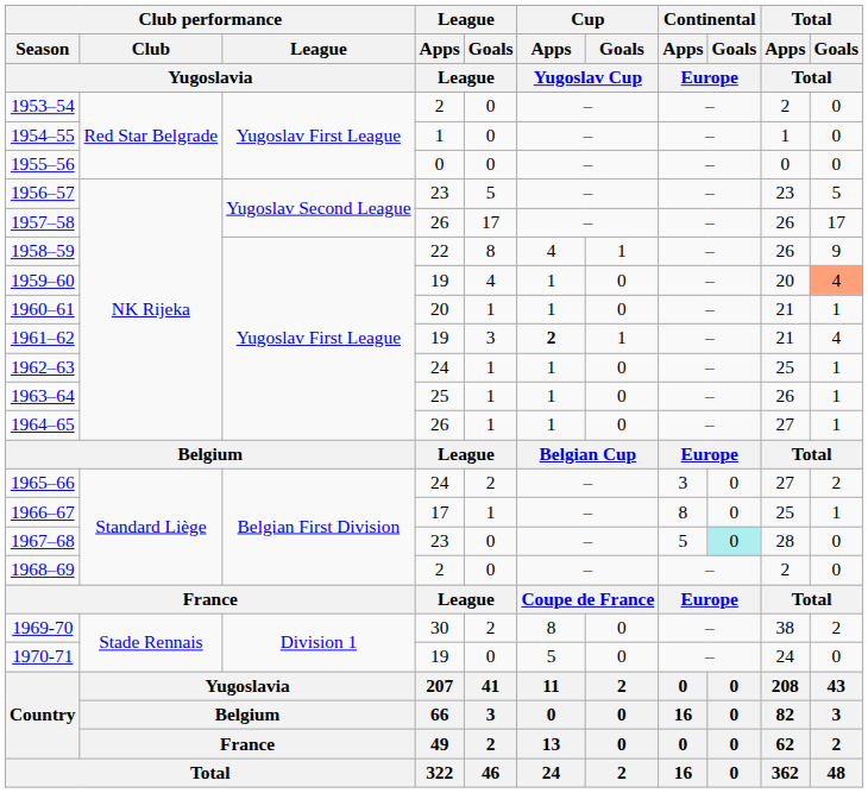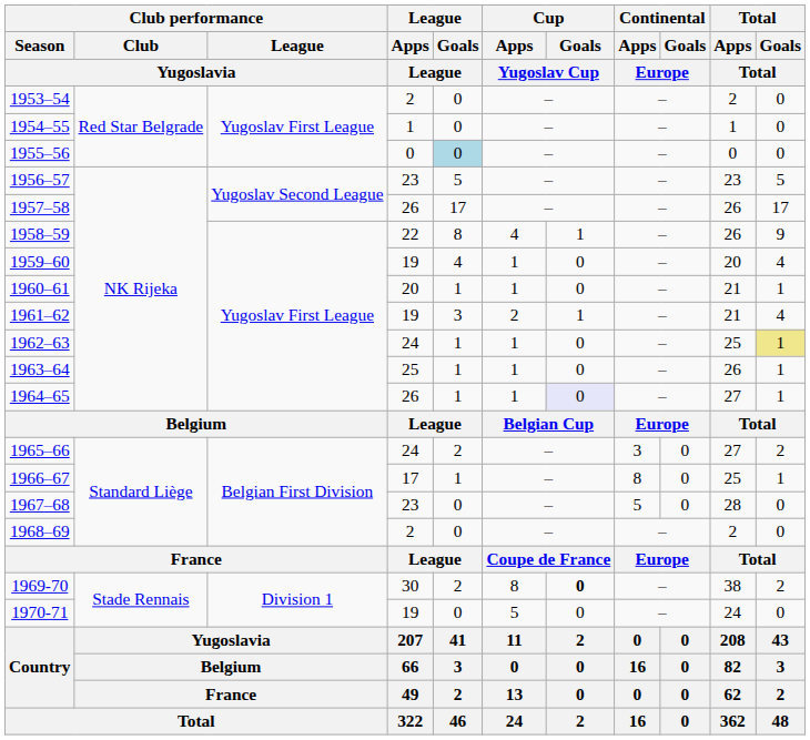 <table class="wikitable" style="text-align:center">
 <tr>
 <th colspan=3>Club performance</th>
 <th colspan=2>League</th>
 <th colspan=2>Cup</th>
 <th colspan=2>Continental</th>
 <th colspan=2>Total</th>
 </tr>
 <tr>
 <th>Season</th>
 <th>Club</th>
 <th>League</th>
 <th>Apps</th>
 <th>Goals</th>
 <th>Apps</th>
 <th>Goals</th>
 <th>Apps</th>
 <th>Goals</th>
 <th>Apps</th>
 <th>Goals</th>
 </tr>
 <tr>
 <th colspan=3>Yugoslavia</th>
 <th colspan=2>League</th>
 <th colspan=2><a href='#'>Yugoslav Cup</a></th>
 <th colspan=2><a href='#'>Europe</a></th>
 <th colspan=2>Total</th>
 </tr>
 <tr>
 <td><a href='#'>1953–54</a></td>
 <td rowspan="3"><a href='#'>Red Star Belgrade</a></td>
 <td rowspan="3"><a href='#'>Yugoslav First League</a></td>
 <td>2</td>
 <td>0</td>
 <td colspan="2">–</td>
 <td colspan="2">–</td>
 <td>2</td>
 <td>0</td>
 </tr>
 <tr>
 <td><a href='#'>1954–55</a></td>
 <td>1</td>
 <td>0</td>
 <td colspan="2">–</td>
 <td colspan="2">–</td>
 <td>1</td>
 <td>0</td>
 </tr>
 <tr>
 <td><a href='#'>1955–56</a></td>
 <td>0</td>
-<td>0</td>
+<td style="background: lightblue;">0</td>
 <td colspan="2">–</td>
 <td colspan="2">–</td>
 <td>0</td>
 <td>0</td>
 </tr>
 <tr>
 <td><a href='#'>1956–57</a></td>
 <td rowspan="9"><a href='#'>NK Rijeka</a></td>
 <td rowspan="2"><a href='#'>Yugoslav Second League</a></td>
 <td>23</td>
 <td>5</td>
 <td colspan="2">–</td>
 <td colspan="2">–</td>
 <td>23</td>
 <td>5</td>
 </tr>
 <tr>
 <td><a href='#'>1957–58</a></td>
 <td>26</td>
 <td>17</td>
 <td colspan="2">–</td>
 <td colspan="2">–</td>
 <td>26</td>
 <td>17</td>
 </tr>
 <tr>
 <td><a href='#'>1958–59</a></td>
 <td rowspan="7"><a href='#'>Yugoslav First League</a></td>
 <td>22</td>
 <td>8</td>
 <td>4</td>
 <td>1</td>
 <td colspan="2">–</td>
 <td>26</td>
 <td>9</td>
 </tr>
 <tr>
 <td><a href='#'>1959–60</a></td>
 <td>19</td>
 <td>4</td>
 <td>1</td>
 <td>0</td>
 <td colspan="2">–</td>
 <td>20</td>
-<td style="background: lightsalmon;">4</td>
+<td>4</td>
 </tr>
 <tr>
 <td><a href='#'>1960–61</a></td>
 <td>20</td>
 <td>1</td>
 <td>1</td>
 <td>0</td>
 <td colspan="2">–</td>
 <td>21</td>
 <td>1</td>
 </tr>
 <tr>
 <td><a href='#'>1961–62</a></td>
 <td>19</td>
 <td>3</td>
-<td><strong>2</strong></td>
+<td>2</td>
 <td>1</td>
 <td colspan="2">–</td>
 <td>21</td>
 <td>4</td>
 </tr>
 <tr>
 <td><a href='#'>1962–63</a></td>
 <td>24</td>
 <td>1</td>
 <td>1</td>
 <td>0</td>
 <td colspan="2">–</td>
 <td>25</td>
-<td>1</td>
+<td style="background: khaki;">1</td>
 </tr>
 <tr>
 <td><a href='#'>1963–64</a></td>
 <td>25</td>
 <td>1</td>
 <td>1</td>
 <td>0</td>
 <td colspan="2">–</td>
 <td>26</td>
 <td>1</td>
 </tr>
 <tr>
 <td><a href='#'>1964–65</a></td>
 <td>26</td>
 <td>1</td>
 <td>1</td>
-<td>0</td>
+<td style="background: lavender;">0</td>
 <td colspan="2">–</td>
 <td>27</td>
 <td>1</td>
 </tr>
 <tr>
 <th colspan=3>Belgium</th>
 <th colspan=2>League</th>
 <th colspan=2><a href='#'>Belgian Cup</a></th>
 <th colspan=2><a href='#'>Europe</a></th>
 <th colspan=2>Total</th>
 </tr>
 <tr>
 <td><a href='#'>1965–66</a></td>
 <td rowspan="4"><a href='#'>Standard Liège</a></td>
 <td rowspan="4"><a href='#'>Belgian First Division</a></td>
 <td>24</td>
 <td>2</td>
 <td colspan="2">–</td>
 <td>3</td>
 <td>0</td>
 <td>27</td>
 <td>2</td>
 </tr>
 <tr>
 <td><a href='#'>1966–67</a></td>
 <td>17</td>
 <td>1</td>
 <td colspan="2">–</td>
 <td>8</td>
 <td>0</td>
 <td>25</td>
 <td>1</td>
 </tr>
 <tr>
 <td><a href='#'>1967–68</a></td>
 <td>23</td>
 <td>0</td>
 <td colspan="2">–</td>
 <td>5</td>
-<td style="background: paleturquoise;">0</td>
+<td>0</td>
 <td>28</td>
 <td>0</td>
 </tr>
 <tr>
 <td><a href='#'>1968–69</a></td>
 <td>2</td>
 <td>0</td>
 <td colspan="2">–</td>
 <td colspan="2">–</td>
 <td>2</td>
 <td>0</td>
 </tr>
 <tr>
 <th colspan=3>France</th>
 <th colspan=2>League</th>
 <th colspan=2><a href='#'>Coupe de France</a></th>
 <th colspan=2><a href='#'>Europe</a></th>
 <th colspan=2>Total</th>
 </tr>
 <tr>
 <td><a href='#'>1969-70</a></td>
 <td rowspan="2"><a href='#'>Stade Rennais</a></td>
 <td rowspan="2"><a href='#'>Division 1</a></td>
 <td>30</td>
 <td>2</td>
 <td>8</td>
-<td>0</td>
+<td><strong>0</strong></td>
 <td colspan="2">–</td>
 <td>38</td>
 <td>2</td>
 </tr>
 <tr>
 <td><a href='#'>1970-71</a></td>
 <td>19</td>
 <td>0</td>
 <td>5</td>
 <td>0</td>
 <td colspan="2">–</td>
 <td>24</td>
 <td>0</td>
 </tr>
 <tr>
 <th rowspan=3>Country</th>
 <th colspan=2>Yugoslavia</th>
 <th>207</th>
 <th>41</th>
 <th>11</th>
 <th>2</th>
 <th>0</th>
 <th>0</th>
 <th>208</th>
 <th>43</th>
 </tr>
 <tr>
 <th colspan=2>Belgium</th>
 <th>66</th>
 <th>3</th>
 <th>0</th>
 <th>0</th>
 <th>16</th>
 <th>0</th>
 <th>82</th>
 <th>3</th>
 </tr>
 <tr>
 <th colspan=2>France</th>
 <th>49</th>
 <th>2</th>
 <th>13</th>
 <th>0</th>
 <th>0</th>
 <th>0</th>
 <th>62</th>
 <th>2</th>
 </tr>
 <tr>
 <th colspan=3>Total</th>
 <th>322</th>
 <th>46</th>
 <th>24</th>
 <th>2</th>
 <th>16</th>
 <th>0</th>
 <th>362</th>
 <th>48</th>
 </tr>
 </table>
